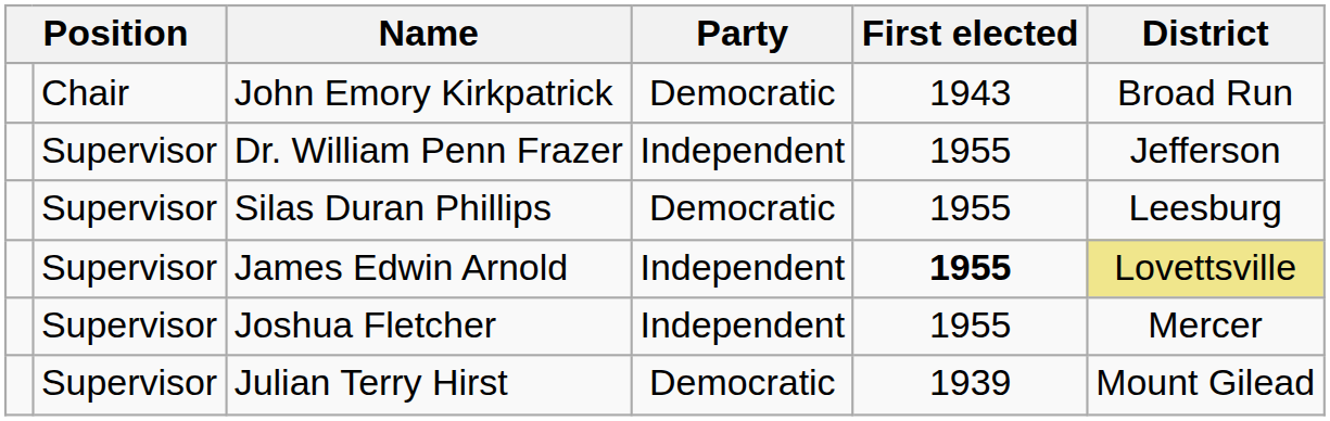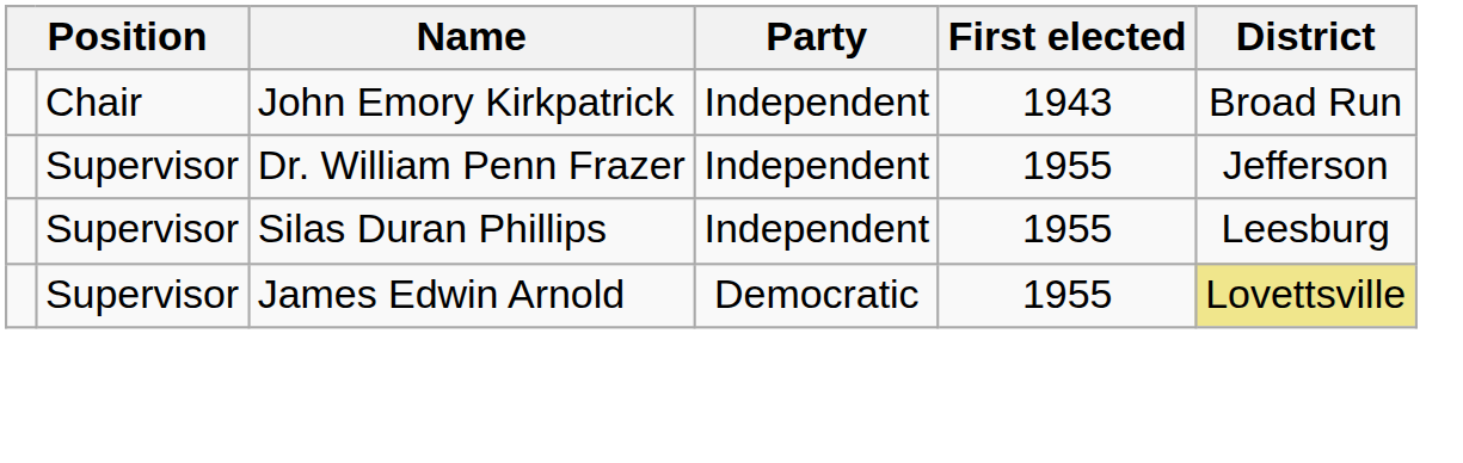 <table class="wikitable">
 <tr>
 <th colspan="2">Position</th>
 <th>Name</th>
 <th>Party</th>
 <th>First elected</th>
 <th>District</th>
 </tr>
 <tr>
 <td style="background-color:"> </td>
 <td>Chair</td>
 <td>John Emory Kirkpatrick</td>
-<td style="text-align:center;">Democratic</td>
+<td style="text-align:center;">Independent</td>
 <td style="text-align:center;">1943</td>
 <td style="text-align:center;">Broad Run</td>
 </tr>
 <tr>
 <td style="background-color:"> </td>
 <td>Supervisor</td>
 <td>Dr. William Penn Frazer</td>
 <td style="text-align:center;">Independent</td>
 <td style="text-align:center;">1955</td>
 <td style="text-align:center;">Jefferson</td>
 </tr>
 <tr>
 <td style="background-color:"> </td>
 <td>Supervisor</td>
 <td>Silas Duran Phillips</td>
-<td style="text-align:center;">Democratic</td>
+<td style="text-align:center;">Independent</td>
 <td style="text-align:center;">1955</td>
 <td style="text-align:center;">Leesburg</td>
 </tr>
 <tr>
 <td style="background-color:"> </td>
 <td>Supervisor</td>
 <td>James Edwin Arnold</td>
-<td style="text-align:center;">Independent</td>
-<td style="text-align:center;"><strong>1955</strong></td>
+<td style="text-align:center;">Democratic</td>
+<td style="text-align:center;">1955</td>
 <td style="background: khaki; text-align:center;">Lovettsville</td>
 </tr>
-<tr>
-<td style="background-color:"> </td>
-<td>Supervisor</td>
-<td>Joshua Fletcher</td>
-<td style="text-align:center;">Independent</td>
-<td style="text-align:center;">1955</td>
-<td style="text-align:center;">Mercer</td>
-</tr>
-<tr>
-<td style="background-color:"> </td>
-<td>Supervisor</td>
-<td>Julian Terry Hirst</td>
-<td style="text-align:center;">Democratic</td>
-<td style="text-align:center;">1939</td>
-<td style="text-align:center;">Mount Gilead</td>
-</tr>
 </table>
